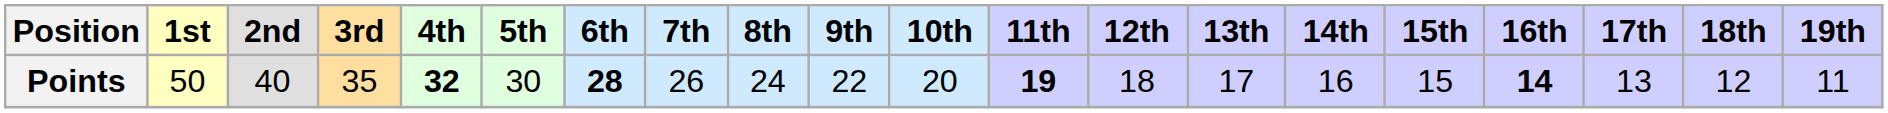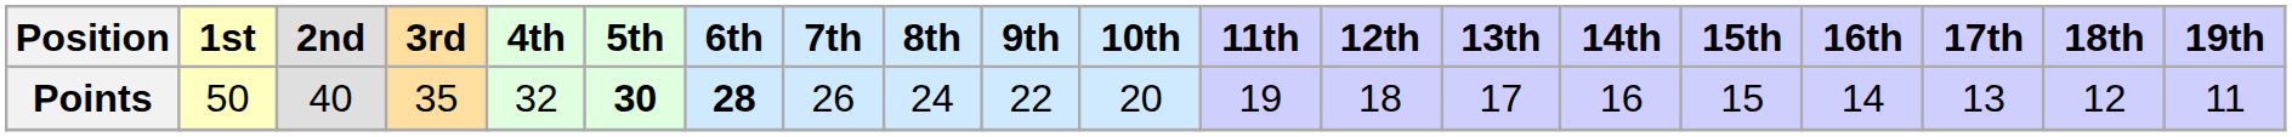 <table class="wikitable" style="font-size:85%; text-align:center">
 <tr>
 <th>Position</th>
 <td style="background:#FFFFBF;"> <strong>1st</strong> </td>
 <td style="background:#DFDFDF;"> <strong>2nd</strong> </td>
 <td style="background:#FFDF9F;"> <strong>3rd</strong> </td>
 <td style="background:#DFFFDF;"> <strong>4th</strong> </td>
 <td style="background:#DFFFDF;"> <strong>5th</strong> </td>
 <td style="background:#CFEAFF;"> <strong>6th</strong> </td>
 <td style="background:#CFEAFF;"> <strong>7th</strong> </td>
 <td style="background:#CFEAFF;"> <strong>8th</strong> </td>
 <td style="background:#CFEAFF;"> <strong>9th</strong> </td>
 <td style="background:#CFEAFF;"> <strong>10th</strong> </td>
 <td style="background:#CFCFFF;"> <strong>11th</strong> </td>
 <td style="background:#CFCFFF;"> <strong>12th</strong> </td>
 <td style="background:#CFCFFF;"> <strong>13th</strong> </td>
 <td style="background:#CFCFFF;"> <strong>14th</strong> </td>
 <td style="background:#CFCFFF;"> <strong>15th</strong> </td>
 <td style="background:#CFCFFF;"> <strong>16th</strong> </td>
 <td style="background:#CFCFFF;"> <strong>17th</strong> </td>
 <td style="background:#CFCFFF;"> <strong>18th</strong> </td>
 <td style="background:#CFCFFF;"> <strong>19th</strong> </td>
 </tr>
 <tr>
 <th>Points</th>
 <td style="background:#FFFFBF;">50</td>
 <td style="background:#DFDFDF;">40</td>
 <td style="background:#FFDF9F;">35</td>
-<td style="background:#DFFFDF;"><strong>32</strong></td>
-<td style="background:#DFFFDF;">30</td>
+<td style="background:#DFFFDF;">32</td>
+<td style="background:#DFFFDF;"><strong>30</strong></td>
 <td style="background:#CFEAFF;"><strong>28</strong></td>
 <td style="background:#CFEAFF;">26</td>
 <td style="background:#CFEAFF;">24</td>
 <td style="background:#CFEAFF;">22</td>
 <td style="background:#CFEAFF;">20</td>
-<td style="background:#CFCFFF;"><strong>19</strong></td>
+<td style="background:#CFCFFF;">19</td>
 <td style="background:#CFCFFF;">18</td>
 <td style="background:#CFCFFF;">17</td>
 <td style="background:#CFCFFF;">16</td>
 <td style="background:#CFCFFF;">15</td>
-<td style="background:#CFCFFF;"><strong>14</strong></td>
+<td style="background:#CFCFFF;">14</td>
 <td style="background:#CFCFFF;">13</td>
 <td style="background:#CFCFFF;">12</td>
 <td style="background:#CFCFFF;">11</td>
 </tr>
 <tr>
 </tr>
 </table>
